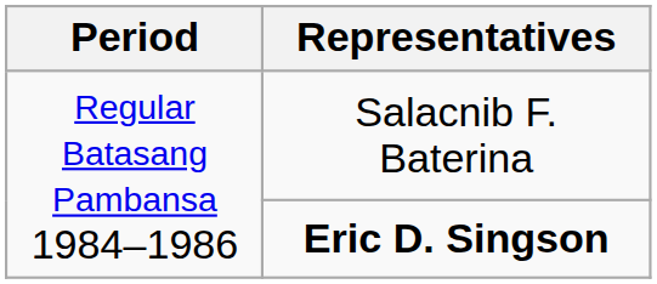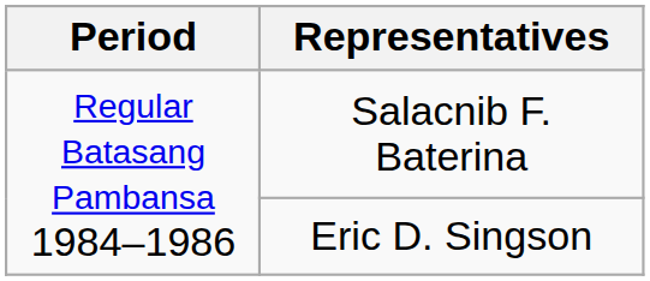 <table class="wikitable" style="text-align:center; width:40%;">
 <tr>
 <th width="40%">Period</th>
 <th>Representatives</th>
 </tr>
 <tr>
 <td rowspan="2"><small><a href='#'>Regular Batasang Pambansa</a></small><br>1984–1986</td>
 <td>Salacnib F. Baterina</td>
 </tr>
 <tr>
-<td><strong>Eric D. Singson</strong></td>
+<td>Eric D. Singson</td>
 </tr>
 </table>
